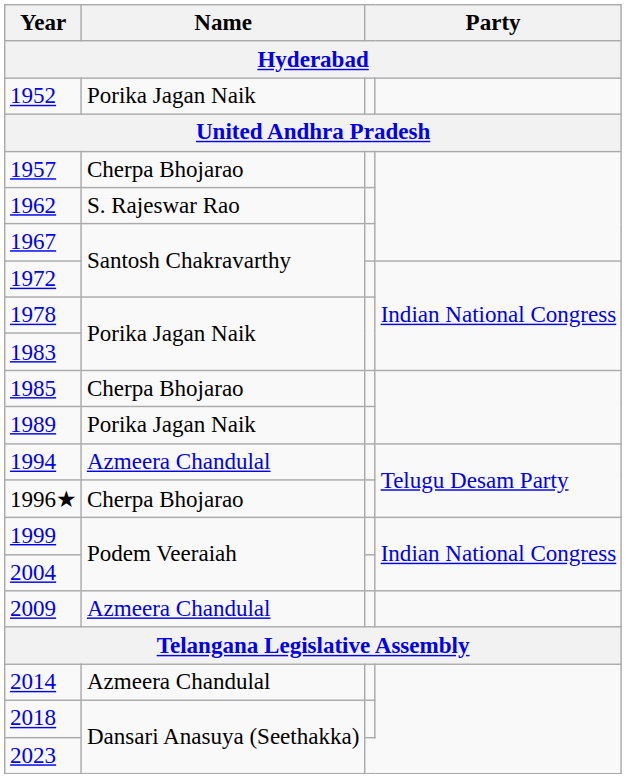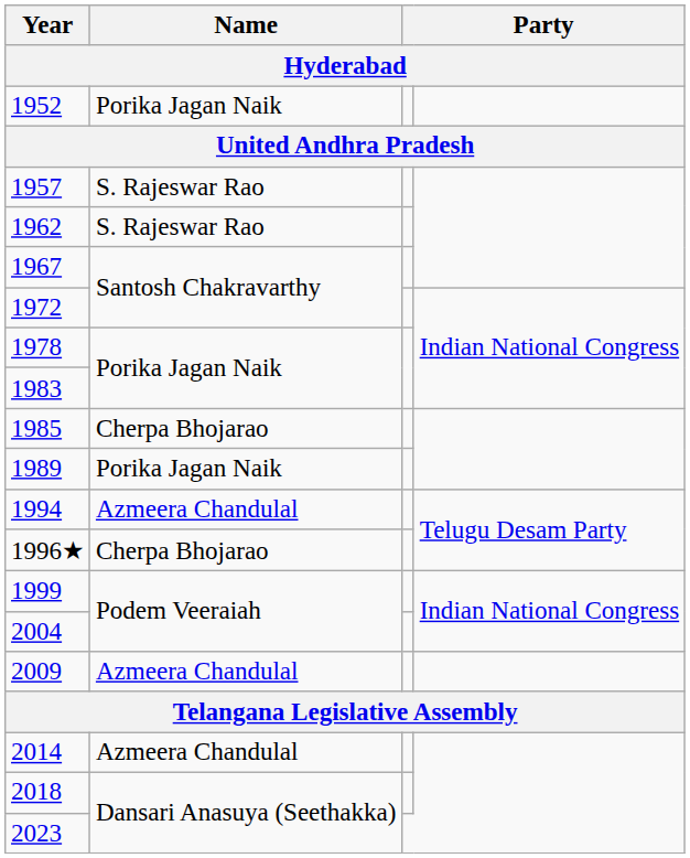 <table class="wikitable sortable">
 <tr>
 <th>Year</th>
 <th>Name</th>
 <th colspan="2">Party</th>
 </tr>
 <tr>
 <th colspan=4><a href='#'>Hyderabad</a></th>
 </tr>
 <tr>
 <td><a href='#'>1952</a></td>
 <td>Porika Jagan Naik</td>
 <td></td>
 </tr>
 <tr>
 <th colspan=4><a href='#'>United Andhra Pradesh</a></th>
 </tr>
 <tr>
 <td><a href='#'>1957</a></td>
-<td>Cherpa Bhojarao</td>
+<td>S. Rajeswar Rao</td>
 <td></td>
 </tr>
 <tr>
 <td><a href='#'>1962</a></td>
 <td>S. Rajeswar Rao</td>
 <td></td>
 </tr>
 <tr>
 <td><a href='#'>1967</a></td>
 <td rowspan="2">Santosh Chakravarthy</td>
 <td></td>
 </tr>
 <tr>
 <td><a href='#'>1972</a></td>
 <td style="background-color: "></td>
 <td rowspan="3"><a href='#'>Indian National Congress</a></td>
 </tr>
 <tr>
 <td><a href='#'>1978</a></td>
 <td rowspan="2">Porika Jagan Naik</td>
 </tr>
 <tr>
 <td><a href='#'>1983</a></td>
 </tr>
 <tr>
 <td><a href='#'>1985</a></td>
 <td>Cherpa Bhojarao</td>
 <td></td>
 </tr>
 <tr>
 <td><a href='#'>1989</a></td>
 <td>Porika Jagan Naik</td>
 <td></td>
 </tr>
 <tr>
 <td><a href='#'>1994</a></td>
 <td><a href='#'>Azmeera Chandulal</a></td>
 <td style="background-color: "></td>
 <td rowspan="2"><a href='#'>Telugu Desam Party</a></td>
 </tr>
 <tr>
 <td>1996★</td>
 <td>Cherpa Bhojarao</td>
 </tr>
 <tr>
 <td><a href='#'>1999</a></td>
 <td rowspan="2">Podem Veeraiah</td>
 <td style="background-color: "></td>
 <td rowspan="2"><a href='#'>Indian National Congress</a></td>
 </tr>
 <tr>
 <td><a href='#'>2004</a></td>
 </tr>
 <tr>
 <td><a href='#'>2009</a></td>
 <td><a href='#'>Azmeera Chandulal</a></td>
 <td></td>
 </tr>
 <tr>
 <th colspan=4><a href='#'>Telangana Legislative Assembly</a></th>
 </tr>
 <tr>
 <td><a href='#'>2014</a></td>
 <td>Azmeera Chandulal</td>
 <td></td>
 </tr>
 <tr>
 <td><a href='#'>2018</a></td>
 <td rowspan=2>Dansari Anasuya (Seethakka)</td>
 <td></td>
 </tr>
 <tr>
 <td><a href='#'>2023</a></td>
 </tr>
 <tr>
 </tr>
 </table>
